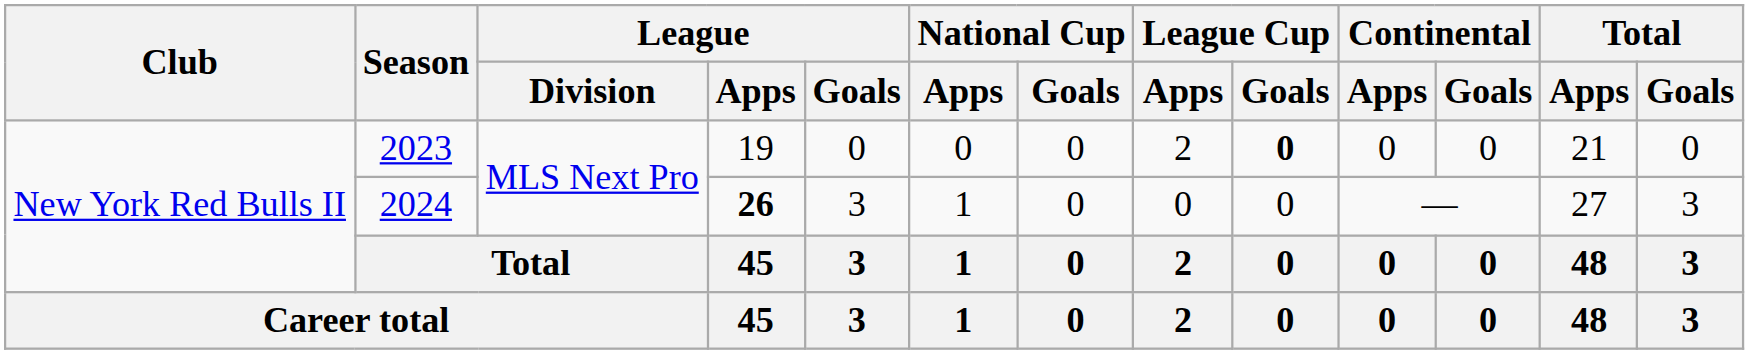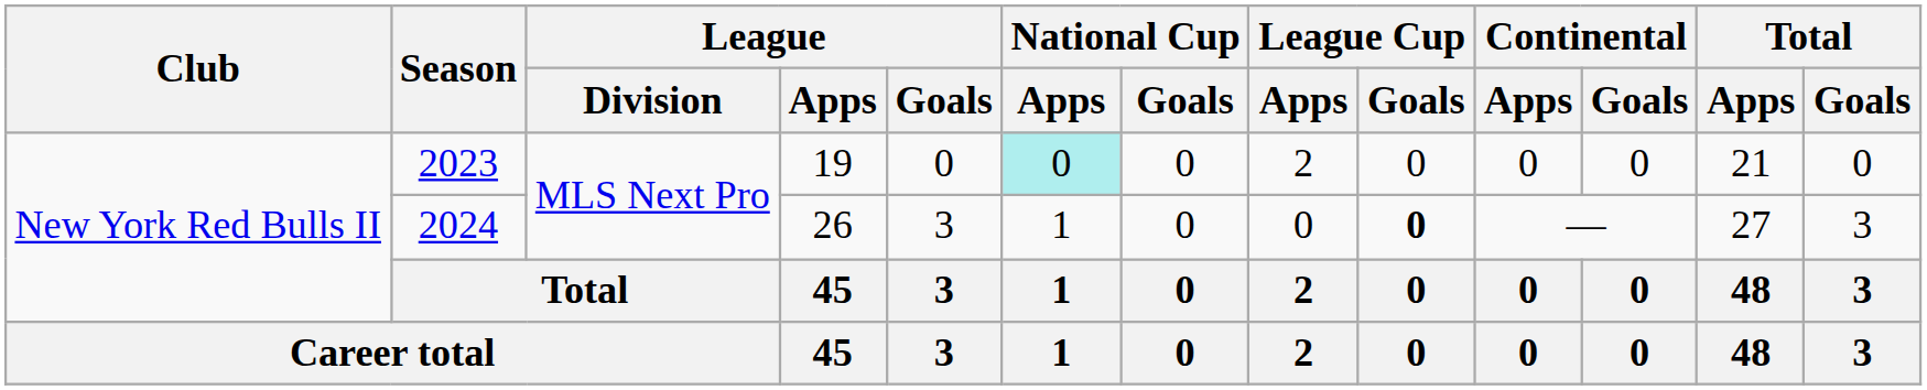 <table class="wikitable" style="text-align:center">
 <tr>
 <th rowspan="2">Club</th>
 <th rowspan="2">Season</th>
 <th colspan="3">League</th>
 <th colspan="2">National Cup </th>
 <th colspan="2">League Cup</th>
 <th colspan="2">Continental</th>
 <th colspan="2">Total</th>
 </tr>
 <tr>
 <th>Division</th>
 <th>Apps</th>
 <th>Goals</th>
 <th>Apps</th>
 <th>Goals</th>
 <th>Apps</th>
 <th>Goals</th>
 <th>Apps</th>
 <th>Goals</th>
 <th>Apps</th>
 <th>Goals</th>
 </tr>
 <tr>
 <td rowspan="3"><a href='#'>New York Red Bulls II</a></td>
 <td><a href='#'>2023</a></td>
 <td rowspan="2"><a href='#'>MLS Next Pro</a></td>
 <td>19</td>
 <td>0</td>
-<td>0</td>
+<td style="background: paleturquoise;">0</td>
 <td>0</td>
 <td>2</td>
-<td><strong>0</strong></td>
+<td>0</td>
 <td>0</td>
 <td>0</td>
 <td>21</td>
 <td>0</td>
 </tr>
 <tr>
 <td><a href='#'>2024</a></td>
-<td><strong>26</strong></td>
+<td>26</td>
 <td>3</td>
 <td>1</td>
 <td>0</td>
 <td>0</td>
-<td>0</td>
+<td><strong>0</strong></td>
 <td colspan="2">—</td>
 <td>27</td>
 <td>3</td>
 </tr>
 <tr>
 <th colspan="2">Total</th>
 <th>45</th>
 <th>3</th>
 <th>1</th>
 <th>0</th>
 <th>2</th>
 <th>0</th>
 <th>0</th>
 <th>0</th>
 <th>48</th>
 <th>3</th>
 </tr>
 <tr>
 <th colspan="3">Career total</th>
 <th>45</th>
 <th>3</th>
 <th>1</th>
 <th>0</th>
 <th>2</th>
 <th>0</th>
 <th>0</th>
 <th>0</th>
 <th>48</th>
 <th>3</th>
 </tr>
 </table>
